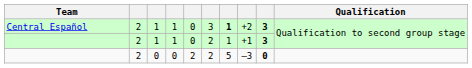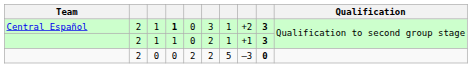 <table class="wikitable" style="text-align:center;">
 <tr>
 <th width=175>Team</th>
 <th width=20></th>
 <th width=20></th>
 <th width=20></th>
 <th width=20></th>
 <th width=20></th>
 <th width=20></th>
 <th width=20></th>
 <th width=20></th>
 <th>Qualification</th>
 </tr>
 <tr bgcolor="#ccffcc">
 <td align="left"> <a href='#'>Central Español</a></td>
 <td>2</td>
 <td>1</td>
-<td>1</td>
+<td><strong>1</strong></td>
 <td>0</td>
 <td>3</td>
-<td><strong>1</strong></td>
+<td>1</td>
 <td>+2</td>
 <td><strong>3</strong></td>
 <td rowspan="2">Qualification to second group stage</td>
 </tr>
 <tr bgcolor="#ccffcc">
 <td align="left"></td>
 <td>2</td>
 <td>1</td>
 <td>1</td>
 <td>0</td>
 <td>2</td>
 <td>1</td>
 <td>+1</td>
 <td><strong>3</strong></td>
 </tr>
 <tr>
 <td align="left"></td>
 <td>2</td>
 <td>0</td>
 <td>0</td>
 <td>2</td>
 <td>2</td>
 <td>5</td>
 <td>–3</td>
 <td><strong>0</strong></td>
 <td></td>
 </tr>
 </table>
